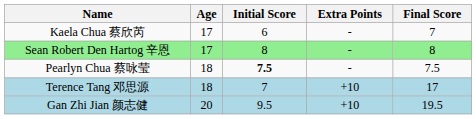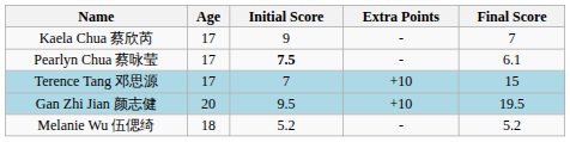 <table class="wikitable" style="text-align:center; line-height:17px; width:100%;">
 <tr>
 <th scope="col">Name</th>
 <th scope="col">Age</th>
 <th scope="col">Initial Score</th>
 <th scope="col">Extra Points</th>
 <th scope="col">Final Score</th>
 </tr>
 <tr>
 <td>Kaela Chua 蔡欣芮</td>
 <td>17</td>
-<td>6</td>
+<td>9</td>
 <td>-</td>
 <td>7</td>
 </tr>
 <tr>
-<td style="background:lightgreen;">Sean Robert Den Hartog 辛恩</td>
-<td style="background:lightgreen;">17</td>
-<td style="background:lightgreen;">8</td>
-<td style="background:lightgreen;">-</td>
-<td style="background:lightgreen;">8</td>
-</tr>
-<tr>
 <td>Pearlyn Chua 蔡咏莹</td>
-<td>18</td>
+<td>17</td>
 <td><strong>7.5</strong></td>
 <td>-</td>
-<td>7.5</td>
+<td>6.1</td>
 </tr>
 <tr>
 <td style="background:lightblue;">Terence Tang 邓思源</td>
-<td style="background:lightblue;">18</td>
+<td style="background:lightblue;">17</td>
 <td style="background:lightblue;">7</td>
 <td style="background:lightblue;">+10</td>
-<td style="background:lightblue;">17</td>
+<td style="background:lightblue;">15</td>
 </tr>
 <tr>
 <td style="background:lightblue;">Gan Zhi Jian 颜志健</td>
 <td style="background:lightblue;">20</td>
 <td style="background:lightblue;">9.5</td>
 <td style="background:lightblue;">+10</td>
 <td style="background:lightblue;">19.5</td>
 </tr>
+<tr>
+<td>Melanie Wu 伍偲绮</td>
+<td>18</td>
+<td>5.2</td>
+<td>-</td>
+<td>5.2</td>
+</tr>
 </table>
